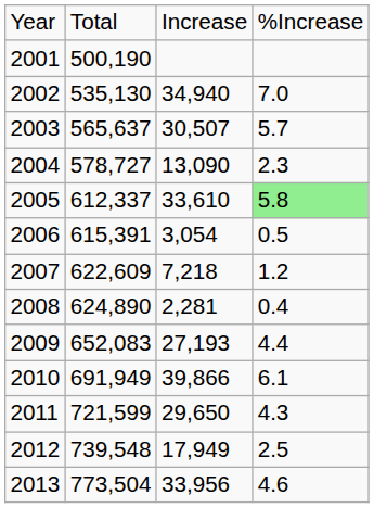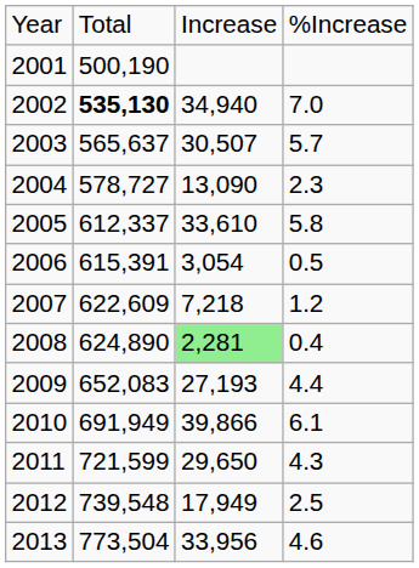 <table class="wikitable sortable">
 <tr>
 <td>Year</td>
 <td>Total</td>
 <td>Increase</td>
 <td>%Increase</td>
 </tr>
 <tr>
 <td>2001</td>
 <td>500,190</td>
 <td></td>
 <td></td>
 </tr>
 <tr>
 <td>2002</td>
-<td>535,130</td>
+<td><strong>535,130</strong></td>
 <td>34,940</td>
 <td>7.0</td>
 </tr>
 <tr>
 <td>2003</td>
 <td>565,637</td>
 <td>30,507</td>
 <td>5.7</td>
 </tr>
 <tr>
 <td>2004</td>
 <td>578,727</td>
 <td>13,090</td>
 <td>2.3</td>
 </tr>
 <tr>
 <td>2005</td>
 <td>612,337</td>
 <td>33,610</td>
-<td style="background: lightgreen;">5.8</td>
+<td>5.8</td>
 </tr>
 <tr>
 <td>2006</td>
 <td>615,391</td>
 <td>3,054</td>
 <td>0.5</td>
 </tr>
 <tr>
 <td>2007</td>
 <td>622,609</td>
 <td>7,218</td>
 <td>1.2</td>
 </tr>
 <tr>
 <td>2008</td>
 <td>624,890</td>
-<td>2,281</td>
+<td style="background: lightgreen;">2,281</td>
 <td>0.4</td>
 </tr>
 <tr>
 <td>2009</td>
 <td>652,083</td>
 <td>27,193</td>
 <td>4.4</td>
 </tr>
 <tr>
 <td>2010</td>
 <td>691,949</td>
 <td>39,866</td>
 <td>6.1</td>
 </tr>
 <tr>
 <td>2011</td>
 <td>721,599</td>
 <td>29,650</td>
 <td>4.3</td>
 </tr>
 <tr>
 <td>2012</td>
 <td>739,548</td>
 <td>17,949</td>
 <td>2.5</td>
 </tr>
 <tr>
 <td>2013</td>
 <td>773,504</td>
 <td>33,956</td>
 <td>4.6</td>
 </tr>
 </table>
